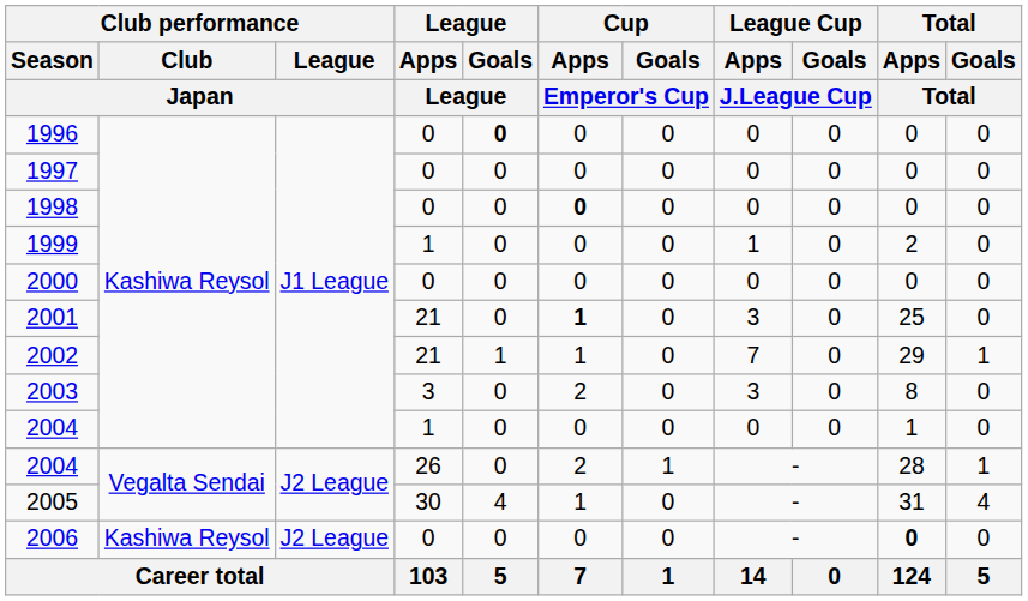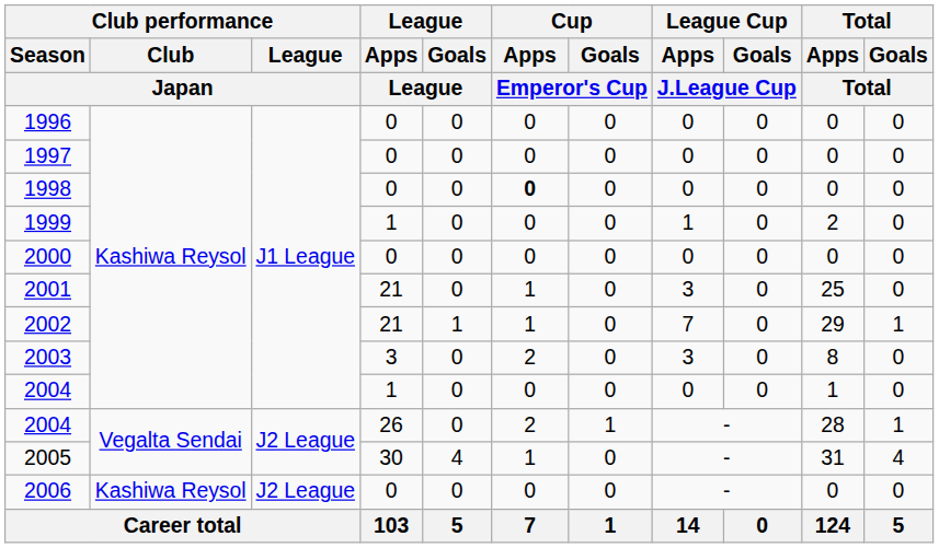 <table class="wikitable" style="text-align:center">
 <tr>
 <th colspan=3>Club performance</th>
 <th colspan=2>League</th>
 <th colspan=2>Cup</th>
 <th colspan=2>League Cup</th>
 <th colspan=2>Total</th>
 </tr>
 <tr>
 <th>Season</th>
 <th>Club</th>
 <th>League</th>
 <th>Apps</th>
 <th>Goals</th>
 <th>Apps</th>
 <th>Goals</th>
 <th>Apps</th>
 <th>Goals</th>
 <th>Apps</th>
 <th>Goals</th>
 </tr>
 <tr>
 <th colspan=3>Japan</th>
 <th colspan=2>League</th>
 <th colspan=2><a href='#'>Emperor's Cup</a></th>
 <th colspan=2><a href='#'>J.League Cup</a></th>
 <th colspan=2>Total</th>
 </tr>
 <tr>
 <td><a href='#'>1996</a></td>
 <td rowspan="9"><a href='#'>Kashiwa Reysol</a></td>
 <td rowspan="9"><a href='#'>J1 League</a></td>
 <td>0</td>
-<td><strong>0</strong></td>
+<td>0</td>
 <td>0</td>
 <td>0</td>
 <td>0</td>
 <td>0</td>
 <td>0</td>
 <td>0</td>
 </tr>
 <tr>
 <td><a href='#'>1997</a></td>
 <td>0</td>
 <td>0</td>
 <td>0</td>
 <td>0</td>
 <td>0</td>
 <td>0</td>
 <td>0</td>
 <td>0</td>
 </tr>
 <tr>
 <td><a href='#'>1998</a></td>
 <td>0</td>
 <td>0</td>
 <td><strong>0</strong></td>
 <td>0</td>
 <td>0</td>
 <td>0</td>
 <td>0</td>
 <td>0</td>
 </tr>
 <tr>
 <td><a href='#'>1999</a></td>
 <td>1</td>
 <td>0</td>
 <td>0</td>
 <td>0</td>
 <td>1</td>
 <td>0</td>
 <td>2</td>
 <td>0</td>
 </tr>
 <tr>
 <td><a href='#'>2000</a></td>
 <td>0</td>
 <td>0</td>
 <td>0</td>
 <td>0</td>
 <td>0</td>
 <td>0</td>
 <td>0</td>
 <td>0</td>
 </tr>
 <tr>
 <td><a href='#'>2001</a></td>
 <td>21</td>
 <td>0</td>
-<td><strong>1</strong></td>
+<td>1</td>
 <td>0</td>
 <td>3</td>
 <td>0</td>
 <td>25</td>
 <td>0</td>
 </tr>
 <tr>
 <td><a href='#'>2002</a></td>
 <td>21</td>
 <td>1</td>
 <td>1</td>
 <td>0</td>
 <td>7</td>
 <td>0</td>
 <td>29</td>
 <td>1</td>
 </tr>
 <tr>
 <td><a href='#'>2003</a></td>
 <td>3</td>
 <td>0</td>
 <td>2</td>
 <td>0</td>
 <td>3</td>
 <td>0</td>
 <td>8</td>
 <td>0</td>
 </tr>
 <tr>
 <td><a href='#'>2004</a></td>
 <td>1</td>
 <td>0</td>
 <td>0</td>
 <td>0</td>
 <td>0</td>
 <td>0</td>
 <td>1</td>
 <td>0</td>
 </tr>
 <tr>
 <td><a href='#'>2004</a></td>
 <td rowspan="2"><a href='#'>Vegalta Sendai</a></td>
 <td rowspan="2"><a href='#'>J2 League</a></td>
 <td>26</td>
 <td>0</td>
 <td>2</td>
 <td>1</td>
 <td colspan="2">-</td>
 <td>28</td>
 <td>1</td>
 </tr>
 <tr>
 <td>2005</td>
 <td>30</td>
 <td>4</td>
 <td>1</td>
 <td>0</td>
 <td colspan="2">-</td>
 <td>31</td>
 <td>4</td>
 </tr>
 <tr>
 <td><a href='#'>2006</a></td>
 <td><a href='#'>Kashiwa Reysol</a></td>
 <td><a href='#'>J2 League</a></td>
 <td>0</td>
 <td>0</td>
 <td>0</td>
 <td>0</td>
 <td colspan="2">-</td>
-<td><strong>0</strong></td>
+<td>0</td>
 <td>0</td>
 </tr>
 <tr>
 <th colspan=3>Career total</th>
 <th>103</th>
 <th>5</th>
 <th>7</th>
 <th>1</th>
 <th>14</th>
 <th>0</th>
 <th>124</th>
 <th>5</th>
 </tr>
 </table>
